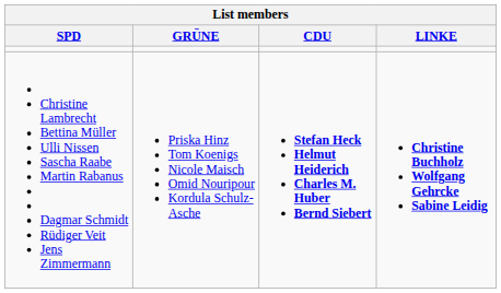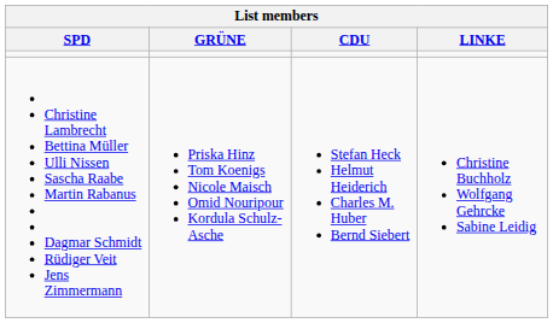 <table class=wikitable>
 <tr>
 <th colspan=4>List members</th>
 </tr>
 <tr>
 <th><a href='#'>SPD</a></th>
 <th><a href='#'>GRÜNE</a></th>
 <th><a href='#'>CDU</a></th>
 <th><a href='#'>LINKE</a></th>
 </tr>
 <tr>
 <td bgcolor=></td>
 <td bgcolor=></td>
 <td bgcolor=></td>
 <td bgcolor=></td>
 </tr>
 <tr>
 <td><br><ul><li></li><li><a href='#'>Christine Lambrecht</a></li><li><a href='#'>Bettina Müller</a></li><li><a href='#'>Ulli Nissen</a></li><li><a href='#'>Sascha Raabe</a></li><li><a href='#'>Martin Rabanus</a></li><li></li><li></li><li><a href='#'>Dagmar Schmidt</a></li><li><a href='#'>Rüdiger Veit</a></li><li><a href='#'>Jens Zimmermann</a></li></ul></td>
 <td><br><ul><li><a href='#'>Priska Hinz</a></li><li><a href='#'>Tom Koenigs</a></li><li><a href='#'>Nicole Maisch</a></li><li><a href='#'>Omid Nouripour</a></li><li><a href='#'>Kordula Schulz-Asche</a></li></ul></td>
-<td><strong><br><ul><li><a href='#'>Stefan Heck</a></li><li><a href='#'>Helmut Heiderich</a></li><li><a href='#'>Charles M. Huber</a></li><li><a href='#'>Bernd Siebert</a></li></ul></strong></td>
-<td><strong><br><ul><li><a href='#'>Christine Buchholz</a></li><li><a href='#'>Wolfgang Gehrcke</a></li><li><a href='#'>Sabine Leidig</a></li></ul></strong></td>
+<td><br><ul><li><a href='#'>Stefan Heck</a></li><li><a href='#'>Helmut Heiderich</a></li><li><a href='#'>Charles M. Huber</a></li><li><a href='#'>Bernd Siebert</a></li></ul></td>
+<td><br><ul><li><a href='#'>Christine Buchholz</a></li><li><a href='#'>Wolfgang Gehrcke</a></li><li><a href='#'>Sabine Leidig</a></li></ul></td>
 </tr>
 </table>
